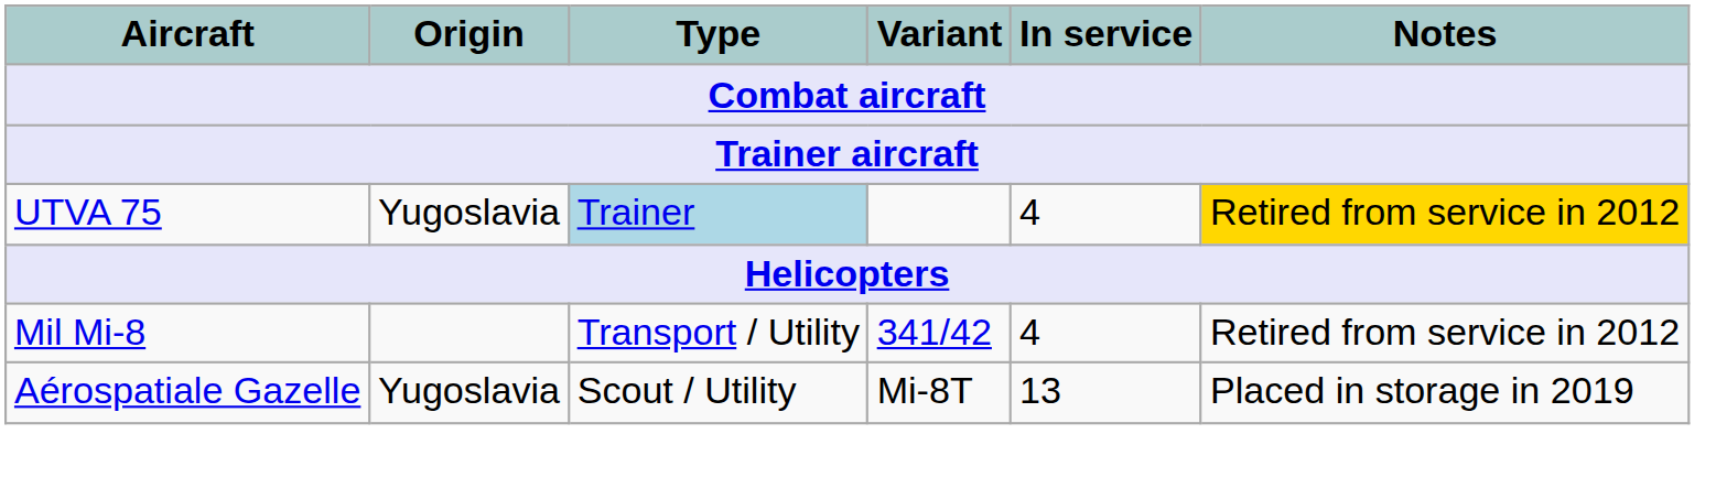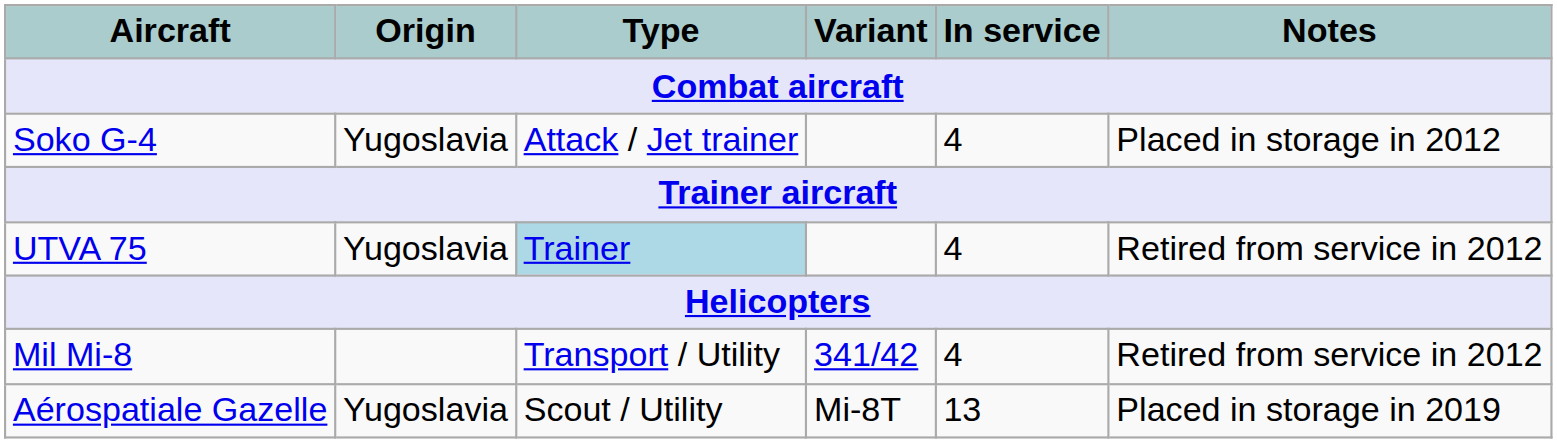 <table class="wikitable">
 <tr>
 <th style="text-align:center; background:#acc;">Aircraft</th>
 <th style="text-align: center; background:#acc;">Origin</th>
 <th style="text-align:l center; background:#acc;">Type</th>
 <th style="text-align:left; background:#acc;">Variant</th>
 <th style="text-align:center; background:#acc;">In service</th>
 <th style="text-align: center; background:#acc;">Notes</th>
 </tr>
 <tr>
 <th colspan="6" style="align: center; background: lavender;"><a href='#'>Combat aircraft</a></th>
 </tr>
 <tr>
+<td><a href='#'>Soko G-4</a></td>
+<td>Yugoslavia</td>
+<td><a href='#'>Attack</a> / <a href='#'>Jet trainer</a></td>
+<td></td>
+<td>4</td>
+<td>Placed in storage in 2012</td>
+</tr>
+<tr>
 <th colspan="6" style="align: center; background: lavender;"><a href='#'>Trainer aircraft</a></th>
 </tr>
 <tr>
 <td><a href='#'>UTVA 75</a></td>
 <td>Yugoslavia</td>
 <td style="background: lightblue;"><a href='#'>Trainer</a></td>
 <td></td>
 <td>4</td>
-<td style="background: gold;">Retired from service in 2012</td>
+<td>Retired from service in 2012</td>
 </tr>
 <tr>
 <th colspan="6" style="align: center; background: lavender;"><a href='#'>Helicopters</a></th>
 </tr>
 <tr>
 <td><a href='#'>Mil Mi-8</a></td>
 <td></td>
 <td><a href='#'>Transport</a> / Utility</td>
 <td><a href='#'>341/42</a></td>
 <td>4</td>
 <td>Retired from service in 2012</td>
 </tr>
 <tr>
 <td><a href='#'>Aérospatiale Gazelle</a></td>
 <td>Yugoslavia</td>
 <td>Scout / Utility</td>
 <td>Mi-8T</td>
 <td>13</td>
 <td>Placed in storage in 2019</td>
 </tr>
 </table>
